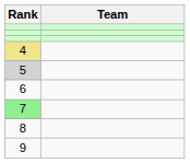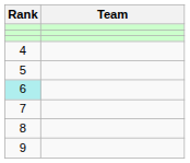 <table class="wikitable" style="text-align: center;">
 <tr>
 <th width=40>Rank</th>
 <th width=180>Team</th>
 </tr>
 <tr bgcolor=#CCFFCC>
 <td></td>
 <td style="text-align:left;"></td>
 </tr>
 <tr bgcolor=#CCFFCC>
 <td></td>
 <td style="text-align:left;"></td>
 </tr>
 <tr bgcolor=#CCFFCC>
 <td></td>
 <td style="text-align:left;"></td>
 </tr>
 <tr align=center>
-<td style="background: khaki;">4</td>
+<td>4</td>
 <td style="text-align:left;"></td>
 </tr>
 <tr align=center>
-<td style="background: lightgrey;">5</td>
+<td>5</td>
 <td style="text-align:left;"></td>
 </tr>
 <tr align=center>
-<td>6</td>
+<td style="background: paleturquoise;">6</td>
 <td style="text-align:left;"></td>
 </tr>
 <tr align=center>
-<td style="background: lightgreen;">7</td>
+<td>7</td>
 <td style="text-align:left;"></td>
 </tr>
 <tr align=center>
 <td>8</td>
 <td style="text-align:left;"></td>
 </tr>
 <tr align=center>
 <td>9</td>
 <td style="text-align:left;"></td>
 </tr>
 </table>
